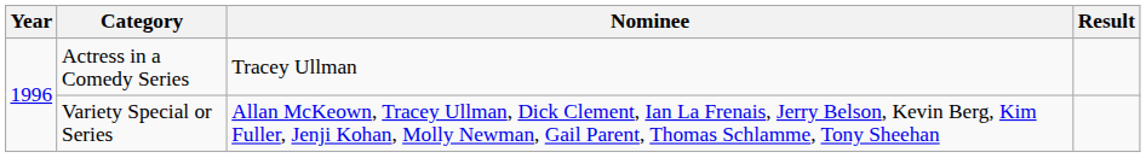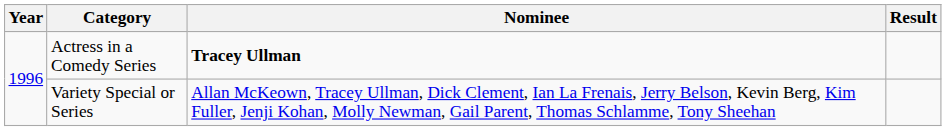 <table class="wikitable">
 <tr>
 <th>Year</th>
 <th>Category</th>
 <th>Nominee</th>
 <th>Result</th>
 </tr>
 <tr>
 <td rowspan=2><a href='#'>1996</a></td>
 <td>Actress in a Comedy Series</td>
-<td>Tracey Ullman</td>
+<td><strong>Tracey Ullman</strong></td>
 <td></td>
 </tr>
 <tr>
 <td>Variety Special or Series</td>
 <td><a href='#'>Allan McKeown</a>, <a href='#'>Tracey Ullman</a>, <a href='#'>Dick Clement</a>, <a href='#'>Ian La Frenais</a>, <a href='#'>Jerry Belson</a>, Kevin Berg, <a href='#'>Kim Fuller</a>, <a href='#'>Jenji Kohan</a>, <a href='#'>Molly Newman</a>, <a href='#'>Gail Parent</a>, <a href='#'>Thomas Schlamme</a>, <a href='#'>Tony Sheehan</a></td>
 <td></td>
 </tr>
 </table>
